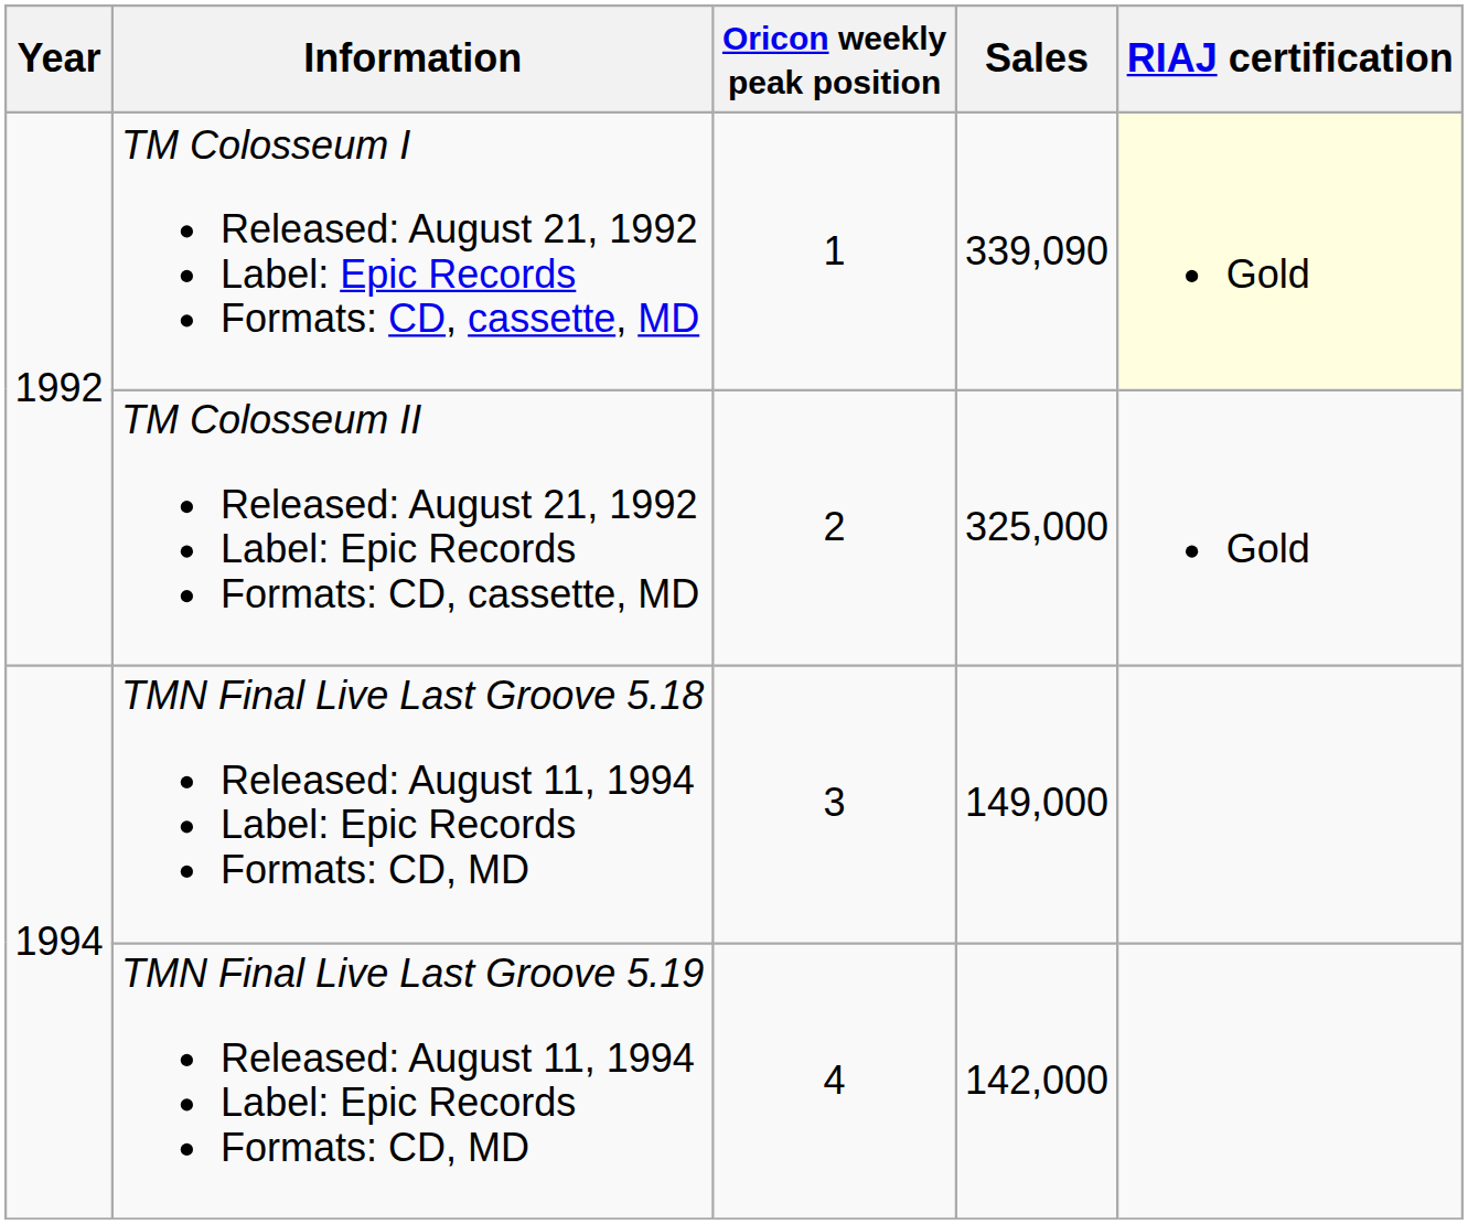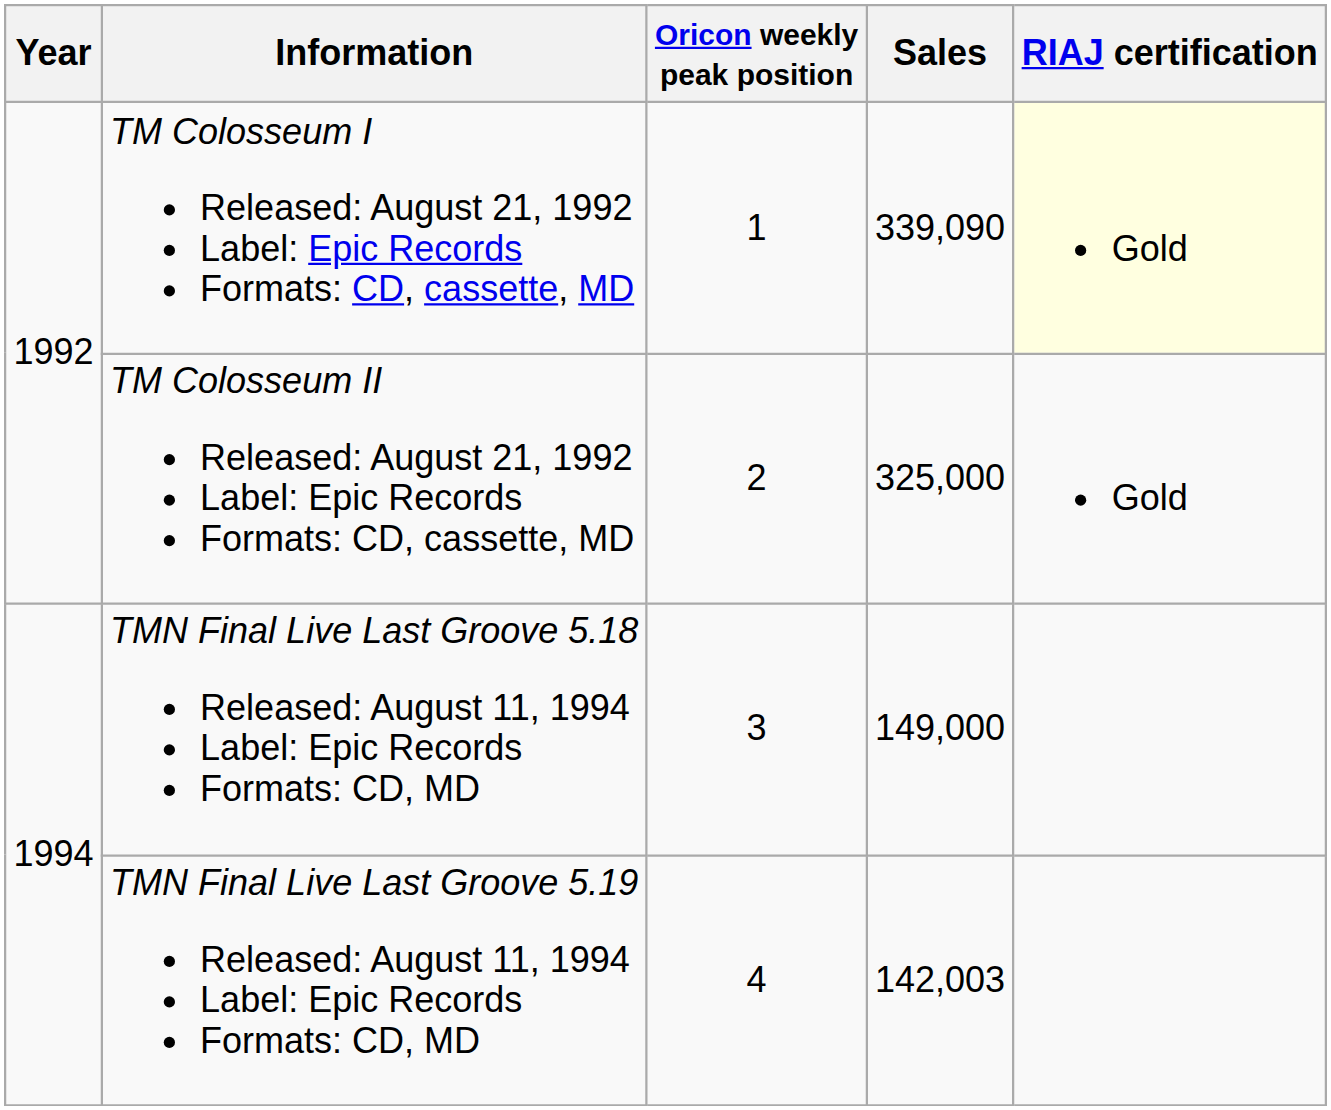 <table class="wikitable">
 <tr>
 <th>Year</th>
 <th>Information</th>
 <th><small><a href='#'>Oricon</a> weekly<br>peak position</small></th>
 <th>Sales<br></th>
 <th><a href='#'>RIAJ</a> certification</th>
 </tr>
 <tr>
 <td rowspan="2">1992</td>
 <td><em>TM Colosseum I</em><br><ul><li>Released: August 21, 1992</li><li>Label: <a href='#'>Epic Records</a></li><li>Formats: <a href='#'>CD</a>, <a href='#'>cassette</a>, <a href='#'>MD</a></li></ul></td>
 <td style="text-align:center;">1</td>
 <td align="left">339,090</td>
 <td align="left" style="background: lightyellow;"><br><ul><li>Gold</li></ul></td>
 </tr>
 <tr>
 <td><em>TM Colosseum II</em><br><ul><li>Released: August 21, 1992</li><li>Label: Epic Records</li><li>Formats: CD, cassette, MD</li></ul></td>
 <td style="text-align:center;">2</td>
 <td align="left">325,000</td>
 <td align="left"><br><ul><li>Gold</li></ul></td>
 </tr>
 <tr>
 <td rowspan="2">1994</td>
 <td><em>TMN Final Live Last Groove 5.18</em><br><ul><li>Released: August 11, 1994</li><li>Label: Epic Records</li><li>Formats: CD, MD</li></ul></td>
 <td style="text-align:center;">3</td>
 <td align="left">149,000</td>
 <td align="left"></td>
 </tr>
 <tr>
 <td><em>TMN Final Live Last Groove 5.19</em><br><ul><li>Released: August 11, 1994</li><li>Label: Epic Records</li><li>Formats: CD, MD</li></ul></td>
 <td style="text-align:center;">4</td>
-<td align="left">142,000</td>
+<td align="left">142,003</td>
 <td align="left"></td>
 </tr>
 </table>
